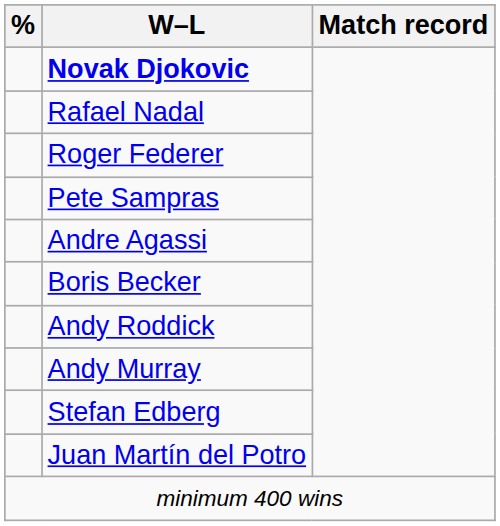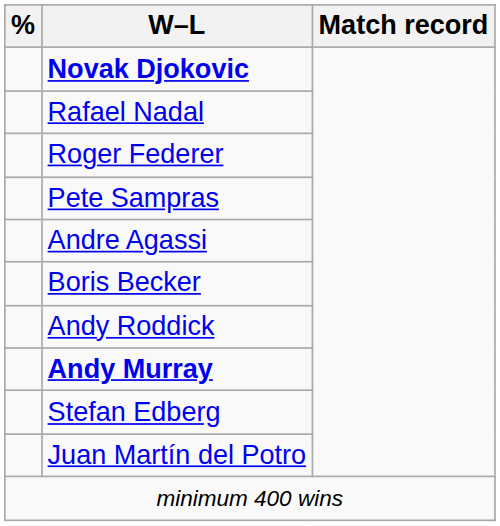 <table class="wikitable" style="display: inline-table;">
 <tr>
 <th>%</th>
 <th>W–L</th>
 <th>Match record<br></th>
 </tr>
 <tr>
 <td></td>
 <td> <strong><a href='#'>Novak Djokovic</a></strong></td>
 </tr>
 <tr>
 <td></td>
 <td> <a href='#'>Rafael Nadal</a></td>
 </tr>
 <tr>
 <td></td>
 <td> <a href='#'>Roger Federer</a></td>
 </tr>
 <tr>
 <td></td>
 <td> <a href='#'>Pete Sampras</a></td>
 </tr>
 <tr>
 <td></td>
 <td> <a href='#'>Andre Agassi</a></td>
 </tr>
 <tr>
 <td></td>
 <td> <a href='#'>Boris Becker</a></td>
 </tr>
 <tr>
 <td></td>
 <td> <a href='#'>Andy Roddick</a></td>
 </tr>
 <tr>
 <td></td>
-<td> <a href='#'>Andy Murray</a></td>
+<td><strong> <a href='#'>Andy Murray</a></strong></td>
 </tr>
 <tr>
 <td></td>
 <td> <a href='#'>Stefan Edberg</a></td>
 </tr>
 <tr>
 <td></td>
 <td> <a href='#'>Juan Martín del Potro</a><br></td>
 </tr>
 <tr>
 <td colspan="3" style="text-align: center;"><small><em>minimum 400 wins</em></small></td>
 </tr>
 </table>
